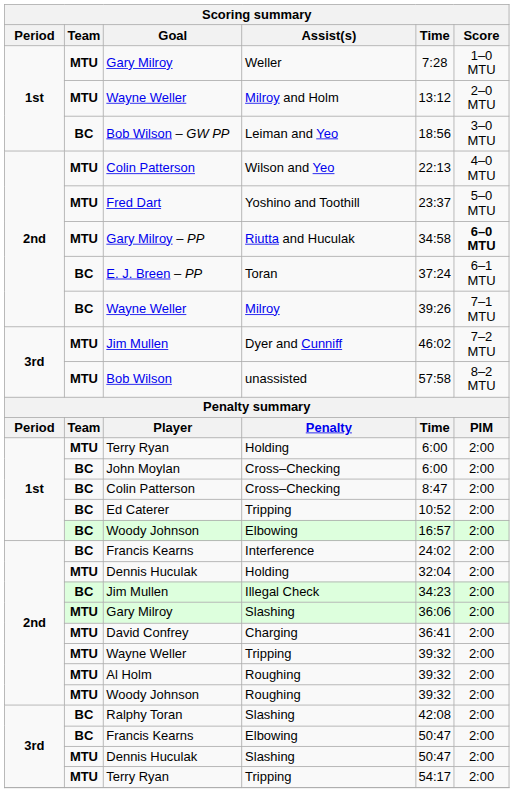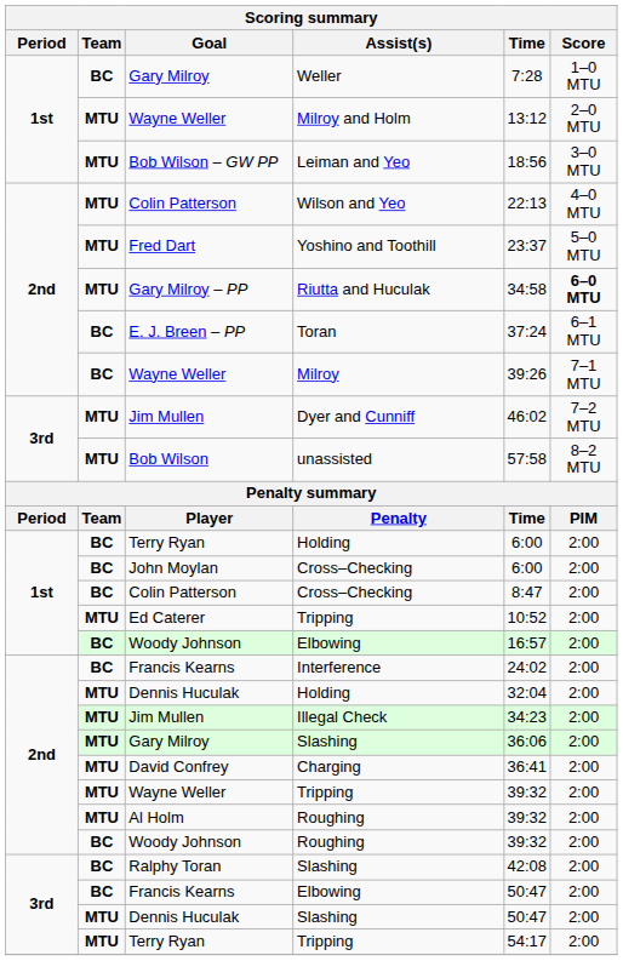 <table style="width:100%;" class="wikitable">
 <tr>
 <th colspan=6>Scoring summary</th>
 </tr>
 <tr>
 <th style="width:12%;">Period</th>
 <th style="width:7%;">Team</th>
 <th style="width:28%;">Goal</th>
 <th style="width:35%;">Assist(s)</th>
 <th style="width:7%;">Time</th>
 <th style="width:11%;">Score</th>
 </tr>
 <tr>
 <td style="text-align:center;" rowspan="3"><strong>1st</strong></td>
-<td align=center><strong>MTU</strong></td>
+<td align=center><strong>BC</strong></td>
 <td><a href='#'>Gary Milroy</a></td>
 <td>Weller</td>
 <td align=center>7:28</td>
 <td align=center>1–0 MTU</td>
 </tr>
 <tr>
 <td align=center><strong>MTU</strong></td>
 <td><a href='#'>Wayne Weller</a></td>
 <td><a href='#'>Milroy</a> and Holm</td>
 <td align=center>13:12</td>
 <td align=center>2–0 MTU</td>
 </tr>
 <tr>
-<td align=center><strong>BC</strong></td>
+<td align=center><strong>MTU</strong></td>
 <td><a href='#'>Bob Wilson</a> – <em>GW PP</em></td>
 <td>Leiman and <a href='#'>Yeo</a></td>
 <td align=center>18:56</td>
 <td align=center>3–0 MTU</td>
 </tr>
 <tr>
 <td style="text-align:center;" rowspan="5"><strong>2nd</strong></td>
 <td align=center><strong>MTU</strong></td>
 <td><a href='#'>Colin Patterson</a></td>
 <td>Wilson and <a href='#'>Yeo</a></td>
 <td align=center>22:13</td>
 <td align=center>4–0 MTU</td>
 </tr>
 <tr>
 <td align=center><strong>MTU</strong></td>
 <td><a href='#'>Fred Dart</a></td>
 <td>Yoshino and Toothill</td>
 <td align=center>23:37</td>
 <td align=center>5–0 MTU</td>
 </tr>
 <tr>
 <td align=center><strong>MTU</strong></td>
 <td><a href='#'>Gary Milroy</a> – <em>PP</em></td>
 <td><a href='#'>Riutta</a> and Huculak</td>
 <td align=center>34:58</td>
 <td align=center><strong>6–0 MTU</strong></td>
 </tr>
 <tr>
 <td align=center><strong>BC</strong></td>
 <td><a href='#'>E. J. Breen</a> – <em>PP</em></td>
 <td>Toran</td>
 <td align=center>37:24</td>
 <td align=center>6–1 MTU</td>
 </tr>
 <tr>
 <td align=center><strong>BC</strong></td>
 <td><a href='#'>Wayne Weller</a></td>
 <td><a href='#'>Milroy</a></td>
 <td align=center>39:26</td>
 <td align=center>7–1 MTU</td>
 </tr>
 <tr>
 <td style="text-align:center;" rowspan="2"><strong>3rd</strong></td>
 <td align=center><strong>MTU</strong></td>
 <td><a href='#'>Jim Mullen</a></td>
 <td>Dyer and <a href='#'>Cunniff</a></td>
 <td align=center>46:02</td>
 <td align=center>7–2 MTU</td>
 </tr>
 <tr>
 <td align=center><strong>MTU</strong></td>
 <td><a href='#'>Bob Wilson</a></td>
 <td>unassisted</td>
 <td align=center>57:58</td>
 <td align=center>8–2 MTU</td>
 </tr>
 <tr>
 <th colspan=6>Penalty summary</th>
 </tr>
 <tr>
 <th style="width:12%;">Period</th>
 <th style="width:7%;">Team</th>
 <th style="width:28%;">Player</th>
 <th style="width:35%;"><a href='#'>Penalty</a></th>
 <th style="width:7%;">Time</th>
 <th style="width:11%;">PIM</th>
 </tr>
 <tr>
 <td style="text-align:center;" rowspan="5"><strong>1st</strong></td>
-<td align=center><strong>MTU</strong></td>
+<td align=center><strong>BC</strong></td>
 <td>Terry Ryan</td>
 <td>Holding</td>
 <td align=center>6:00</td>
 <td align=center>2:00</td>
 </tr>
 <tr>
 <td align=center><strong>BC</strong></td>
 <td>John Moylan</td>
 <td>Cross–Checking</td>
 <td align=center>6:00</td>
 <td align=center>2:00</td>
 </tr>
 <tr>
 <td align=center><strong>BC</strong></td>
 <td>Colin Patterson</td>
 <td>Cross–Checking</td>
 <td align=center>8:47</td>
 <td align=center>2:00</td>
 </tr>
 <tr>
-<td align=center><strong>BC</strong></td>
+<td align=center><strong>MTU</strong></td>
 <td>Ed Caterer</td>
 <td>Tripping</td>
 <td align=center>10:52</td>
 <td align=center>2:00</td>
 </tr>
 <tr bgcolor=ddffdd>
 <td align=center><strong>BC</strong></td>
 <td>Woody Johnson</td>
 <td>Elbowing</td>
 <td align=center>16:57</td>
 <td align=center>2:00</td>
 </tr>
 <tr>
 <td style="text-align:center;" rowspan="8"><strong>2nd</strong></td>
 <td align=center><strong>BC</strong></td>
 <td>Francis Kearns</td>
 <td>Interference</td>
 <td align=center>24:02</td>
 <td align=center>2:00</td>
 </tr>
 <tr>
 <td align=center><strong>MTU</strong></td>
 <td>Dennis Huculak</td>
 <td>Holding</td>
 <td align=center>32:04</td>
 <td align=center>2:00</td>
 </tr>
 <tr bgcolor=ddffdd>
-<td align=center><strong>BC</strong></td>
+<td align=center><strong>MTU</strong></td>
 <td>Jim Mullen</td>
 <td>Illegal Check</td>
 <td align=center>34:23</td>
 <td align=center>2:00</td>
 </tr>
 <tr bgcolor=ddffdd>
 <td align=center><strong>MTU</strong></td>
 <td>Gary Milroy</td>
 <td>Slashing</td>
 <td align=center>36:06</td>
 <td align=center>2:00</td>
 </tr>
 <tr>
 <td align=center><strong>MTU</strong></td>
 <td>David Confrey</td>
 <td>Charging</td>
 <td align=center>36:41</td>
 <td align=center>2:00</td>
 </tr>
 <tr>
 <td align=center><strong>MTU</strong></td>
 <td>Wayne Weller</td>
 <td>Tripping</td>
 <td align=center>39:32</td>
 <td align=center>2:00</td>
 </tr>
 <tr>
 <td align=center><strong>MTU</strong></td>
 <td>Al Holm</td>
 <td>Roughing</td>
 <td align=center>39:32</td>
 <td align=center>2:00</td>
 </tr>
 <tr>
-<td align=center><strong>MTU</strong></td>
+<td align=center><strong>BC</strong></td>
 <td>Woody Johnson</td>
 <td>Roughing</td>
 <td align=center>39:32</td>
 <td align=center>2:00</td>
 </tr>
 <tr>
 <td style="text-align:center;" rowspan="4"><strong>3rd</strong></td>
 <td align=center><strong>BC</strong></td>
 <td>Ralphy Toran</td>
 <td>Slashing</td>
 <td align=center>42:08</td>
 <td align=center>2:00</td>
 </tr>
 <tr>
 <td align=center><strong>BC</strong></td>
 <td>Francis Kearns</td>
 <td>Elbowing</td>
 <td align=center>50:47</td>
 <td align=center>2:00</td>
 </tr>
 <tr>
 <td align=center><strong>MTU</strong></td>
 <td>Dennis Huculak</td>
 <td>Slashing</td>
 <td align=center>50:47</td>
 <td align=center>2:00</td>
 </tr>
 <tr>
 <td align=center><strong>MTU</strong></td>
 <td>Terry Ryan</td>
 <td>Tripping</td>
 <td align=center>54:17</td>
 <td align=center>2:00</td>
 </tr>
 <tr>
 </tr>
 </table>
